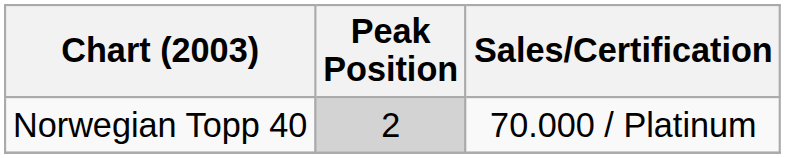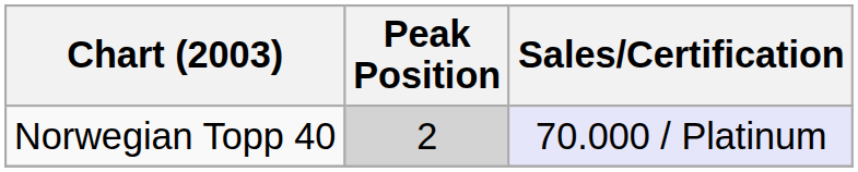 <table class="wikitable sortable">
 <tr>
 <th align="left">Chart (2003)</th>
 <th align="left">Peak<br>Position </th>
 <th align="left">Sales/Certification</th>
 </tr>
 <tr>
 <td align="left">Norwegian Topp 40</td>
 <td align="center" style="background: lightgrey;">2</td>
-<td align="center">70.000 / Platinum</td>
+<td align="center" style="background: lavender;">70.000 / Platinum</td>
 </tr>
 <tr>
 </tr>
 </table>
